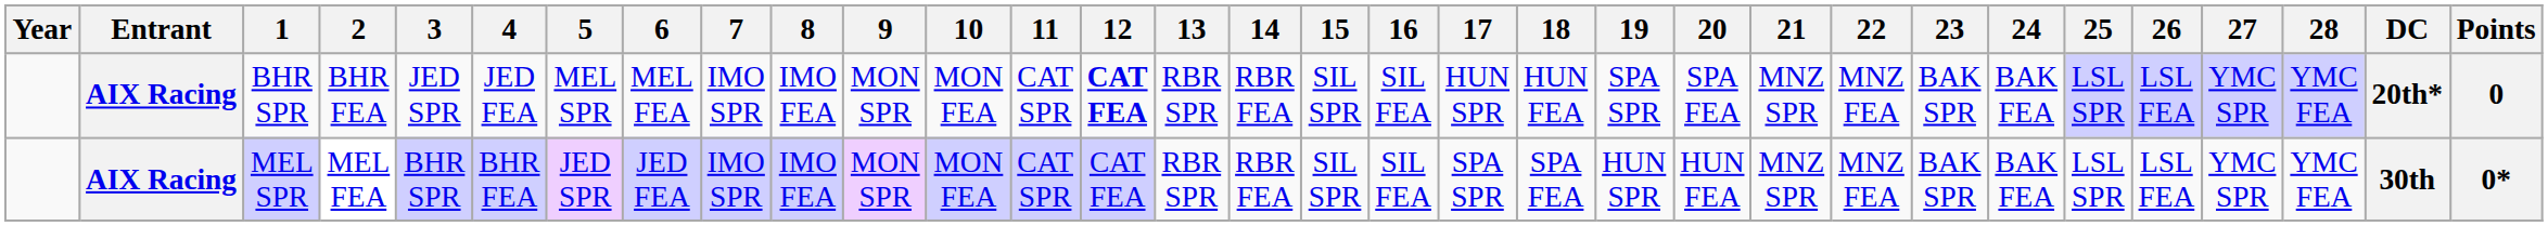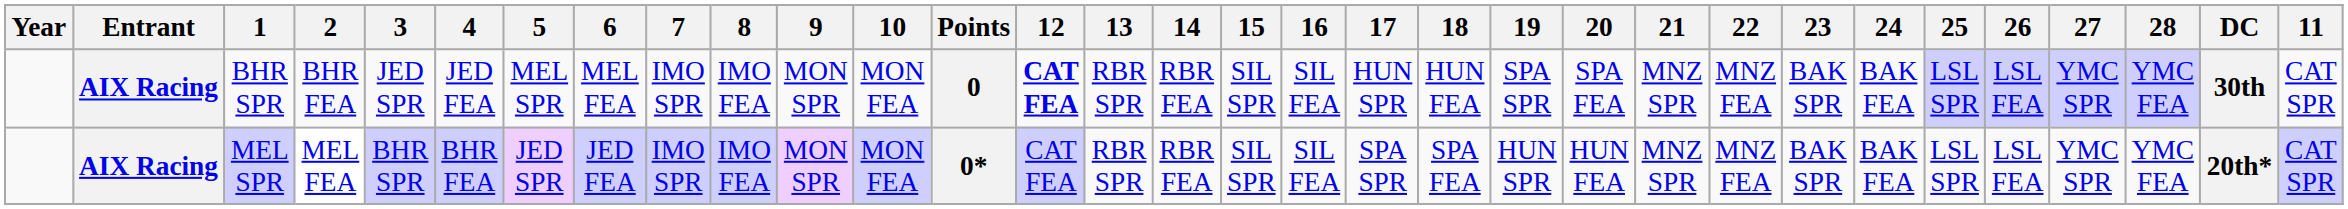 <table class="wikitable" style="text-align:center; font-size:85%;">
 <tr>
 <th scope="col">Year</th>
 <th scope="col">Entrant</th>
 <th scope="col">1</th>
 <th scope="col">2</th>
 <th scope="col">3</th>
 <th scope="col">4</th>
 <th scope="col">5</th>
 <th scope="col">6</th>
 <th scope="col">7</th>
 <th scope="col">8</th>
 <th scope="col">9</th>
 <th scope="col">10</th>
-<th scope="col">11</th>
+<th scope="col">Points</th>
 <th scope="col">12</th>
 <th scope="col">13</th>
 <th scope="col">14</th>
 <th scope="col">15</th>
 <th scope="col">16</th>
 <th scope="col">17</th>
 <th scope="col">18</th>
 <th scope="col">19</th>
 <th scope="col">20</th>
 <th scope="col">21</th>
 <th scope="col">22</th>
 <th scope="col">23</th>
 <th scope="col">24</th>
 <th scope="col">25</th>
 <th scope="col">26</th>
 <th scope="col">27</th>
 <th scope="col">28</th>
 <th scope="col">DC</th>
-<th scope="col">Points</th>
+<th scope="col">11</th>
 </tr>
 <tr>
 <td scope="row"></td>
 <th nowrap><a href='#'>AIX Racing</a></th>
 <td><a href='#'>BHR<br>SPR</a></td>
 <td><a href='#'>BHR<br>FEA</a></td>
 <td><a href='#'>JED<br>SPR</a></td>
 <td><a href='#'>JED<br>FEA</a></td>
 <td><a href='#'>MEL<br>SPR</a></td>
 <td><a href='#'>MEL<br>FEA</a></td>
 <td><a href='#'>IMO<br>SPR</a></td>
 <td><a href='#'>IMO<br>FEA</a></td>
 <td><a href='#'>MON<br>SPR</a></td>
 <td><a href='#'>MON<br>FEA</a></td>
-<td><a href='#'>CAT<br>SPR</a></td>
+<th>0</th>
 <td><strong><a href='#'>CAT<br>FEA</a></strong></td>
 <td><a href='#'>RBR<br>SPR</a></td>
 <td><a href='#'>RBR<br>FEA</a></td>
 <td><a href='#'>SIL<br>SPR</a></td>
 <td><a href='#'>SIL<br>FEA</a></td>
 <td><a href='#'>HUN<br>SPR</a></td>
 <td><a href='#'>HUN<br>FEA</a></td>
 <td><a href='#'>SPA<br>SPR</a></td>
 <td><a href='#'>SPA<br>FEA</a></td>
 <td><a href='#'>MNZ<br>SPR</a></td>
 <td><a href='#'>MNZ<br>FEA</a></td>
 <td><a href='#'>BAK<br>SPR</a></td>
 <td><a href='#'>BAK<br>FEA</a></td>
 <td style="background:#CFCFFF;"><a href='#'>LSL<br>SPR</a><br></td>
 <td style="background:#CFCFFF;"><a href='#'>LSL<br>FEA</a><br></td>
 <td style="background:#CFCFFF;"><a href='#'>YMC<br>SPR</a><br></td>
 <td style="background:#CFCFFF;"><a href='#'>YMC<br>FEA</a><br></td>
-<th>20th*</th>
-<th>0</th>
+<th>30th</th>
+<td><a href='#'>CAT<br>SPR</a></td>
 </tr>
 <tr>
 <td></td>
 <th nowrap><a href='#'>AIX Racing</a></th>
 <td style="background:#CFCFFF;"><a href='#'>MEL<br>SPR</a><br></td>
 <td style="background:#FFFFFF;"><a href='#'>MEL<br>FEA</a><br></td>
 <td style="background:#CFCFFF;"><a href='#'>BHR<br>SPR</a><br></td>
 <td style="background:#CFCFFF;"><a href='#'>BHR<br>FEA</a><br></td>
 <td style="background:#EFCFFF;"><a href='#'>JED<br>SPR</a><br></td>
 <td style="background:#CFCFFF;"><a href='#'>JED<br>FEA</a><br></td>
 <td style="background:#CFCFFF;"><a href='#'>IMO<br>SPR</a><br></td>
 <td style="background:#CFCFFF;"><a href='#'>IMO<br>FEA</a><br></td>
 <td style="background:#EFCFFF;"><a href='#'>MON<br>SPR</a><br></td>
 <td style="background:#CFCFFF;"><a href='#'>MON<br>FEA</a><br></td>
-<td style="background:#CFCFFF;"><a href='#'>CAT<br>SPR</a><br></td>
+<th>0*</th>
 <td style="background:#CFCFFF;"><a href='#'>CAT<br>FEA</a><br></td>
 <td style="background:#;"><a href='#'>RBR<br>SPR</a><br></td>
 <td style="background:#;"><a href='#'>RBR<br>FEA</a><br></td>
 <td style="background:#;"><a href='#'>SIL<br>SPR</a><br></td>
 <td style="background:#;"><a href='#'>SIL<br>FEA</a><br></td>
 <td style="background:#;"><a href='#'>SPA<br>SPR</a><br></td>
 <td style="background:#;"><a href='#'>SPA<br>FEA</a><br></td>
 <td style="background:#;"><a href='#'>HUN<br>SPR</a><br></td>
 <td style="background:#;"><a href='#'>HUN<br>FEA</a><br></td>
 <td style="background:#;"><a href='#'>MNZ<br>SPR</a><br></td>
 <td style="background:#;"><a href='#'>MNZ<br>FEA</a><br></td>
 <td style="background:#;"><a href='#'>BAK<br>SPR</a><br></td>
 <td style="background:#;"><a href='#'>BAK<br>FEA</a><br></td>
 <td style="background:#;"><a href='#'>LSL<br>SPR</a><br></td>
 <td style="background:#;"><a href='#'>LSL<br>FEA</a><br></td>
 <td style="background:#;"><a href='#'>YMC<br>SPR</a><br></td>
 <td style="background:#;"><a href='#'>YMC<br>FEA</a><br></td>
-<th>30th</th>
-<th>0*</th>
+<th>20th*</th>
+<td style="background:#CFCFFF;"><a href='#'>CAT<br>SPR</a><br></td>
 </tr>
 </table>
